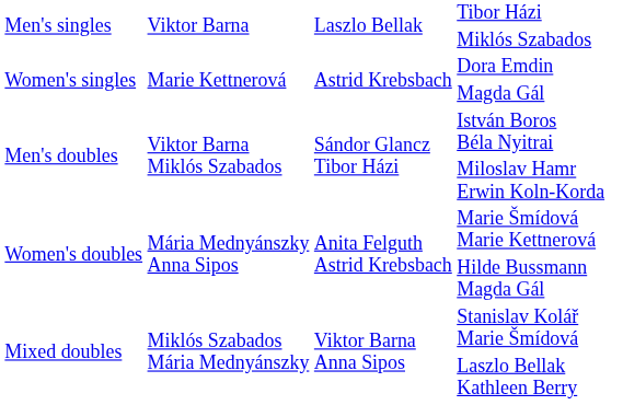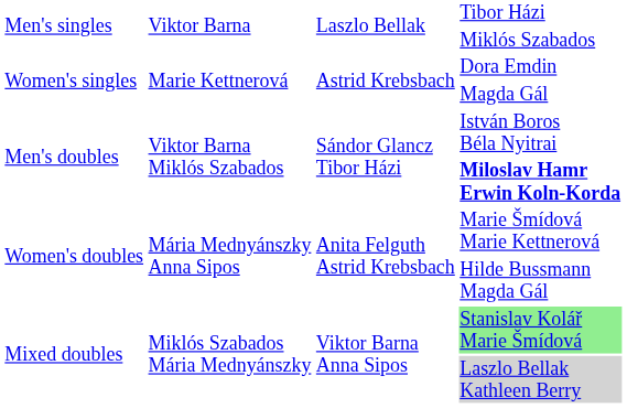 <table>
 <tr>
 <td rowspan=2><a href='#'>Men's singles</a></td>
 <td rowspan=2> <a href='#'>Viktor Barna</a></td>
 <td rowspan=2> <a href='#'>Laszlo Bellak</a></td>
 <td> <a href='#'>Tibor Házi</a></td>
 </tr>
 <tr>
 <td> <a href='#'>Miklós Szabados</a></td>
 </tr>
 <tr>
 <td rowspan=2><a href='#'>Women's singles</a></td>
 <td rowspan=2> <a href='#'>Marie Kettnerová</a></td>
 <td rowspan=2> <a href='#'>Astrid Krebsbach</a></td>
 <td> <a href='#'>Dora Emdin</a></td>
 </tr>
 <tr>
 <td> <a href='#'>Magda Gál</a></td>
 </tr>
 <tr>
 <td rowspan=2><a href='#'>Men's doubles</a></td>
 <td rowspan=2> <a href='#'>Viktor Barna</a><br> <a href='#'>Miklós Szabados</a></td>
 <td rowspan=2> <a href='#'>Sándor Glancz</a><br> <a href='#'>Tibor Házi</a></td>
 <td> <a href='#'>István Boros</a><br> <a href='#'>Béla Nyitrai</a></td>
 </tr>
 <tr>
-<td> <a href='#'>Miloslav Hamr</a><br> <a href='#'>Erwin Koln-Korda</a></td>
+<td><strong> <a href='#'>Miloslav Hamr</a><br> <a href='#'>Erwin Koln-Korda</a></strong></td>
 </tr>
 <tr>
 <td rowspan=2><a href='#'>Women's doubles</a></td>
 <td rowspan=2> <a href='#'>Mária Mednyánszky</a><br> <a href='#'>Anna Sipos</a></td>
 <td rowspan=2> <a href='#'>Anita Felguth</a><br> <a href='#'>Astrid Krebsbach</a></td>
 <td> <a href='#'>Marie Šmídová</a><br> <a href='#'>Marie Kettnerová</a></td>
 </tr>
 <tr>
 <td> <a href='#'>Hilde Bussmann</a><br> <a href='#'>Magda Gál</a></td>
 </tr>
 <tr>
 <td rowspan=2><a href='#'>Mixed doubles</a></td>
 <td rowspan=2> <a href='#'>Miklós Szabados</a><br> <a href='#'>Mária Mednyánszky</a></td>
 <td rowspan=2> <a href='#'>Viktor Barna</a><br> <a href='#'>Anna Sipos</a></td>
-<td> <a href='#'>Stanislav Kolář</a><br> <a href='#'>Marie Šmídová</a></td>
+<td style="background: lightgreen;"> <a href='#'>Stanislav Kolář</a><br> <a href='#'>Marie Šmídová</a></td>
 </tr>
 <tr>
-<td> <a href='#'>Laszlo Bellak</a><br> <a href='#'>Kathleen Berry</a></td>
+<td style="background: lightgrey;"> <a href='#'>Laszlo Bellak</a><br> <a href='#'>Kathleen Berry</a></td>
 </tr>
 </table>
